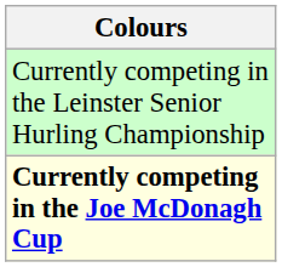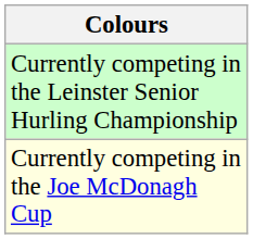 <table class="wikitable">
 <tr>
 <th width="150">Colours</th>
 </tr>
 <tr style="background:#ccffcc">
 <td>Currently competing in the Leinster Senior Hurling Championship</td>
 </tr>
 <tr style="background:#FFFFE0">
-<td><strong>Currently competing in the <a href='#'>Joe McDonagh Cup</a></strong></td>
+<td>Currently competing in the <a href='#'>Joe McDonagh Cup</a></td>
 </tr>
 </table>
